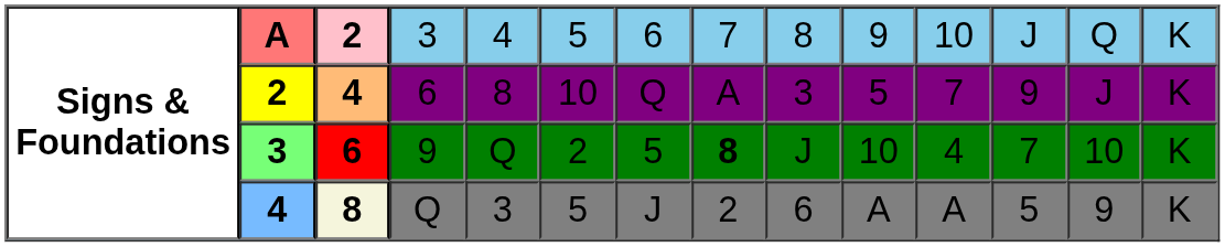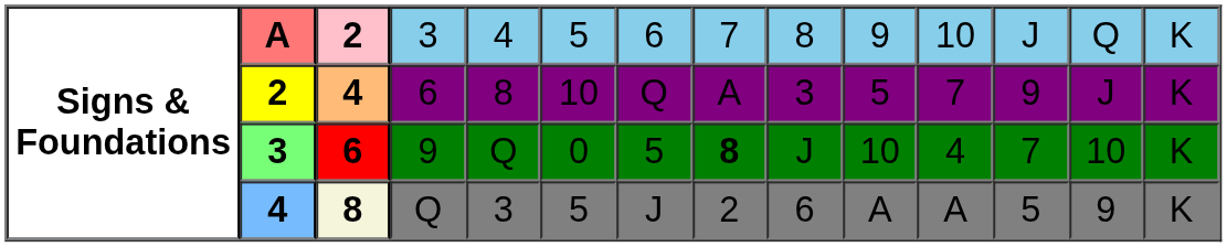 <table cellspacing="0" cellpadding="3" border=1 style="text-align: center">
 <tr bgcolor="#87ceeb">
 <th rowspan="4" bgcolor="#ffffff" style="border-right: 1px solid #000">Signs &<br>Foundations</th>
 <th bgcolor="#ff7777" style="border-right: 1px solid #000; width: 1.6em">A</th>
 <th bgcolor="pink" style="border-right: 1px solid #000; width: 1.6em">2</th>
 <td style="width: 1.6em">3</td>
 <td style="width: 1.6em">4</td>
 <td style="width: 1.6em">5</td>
 <td style="width: 1.6em">6</td>
 <td style="width: 1.6em">7</td>
 <td style="width: 1.6em">8</td>
 <td style="width: 1.6em">9</td>
 <td style="width: 1.6em">10</td>
 <td style="width: 1.6em">J</td>
 <td style="width: 1.6em">Q</td>
 <td style="width: 1.6em">K</td>
 </tr>
 <tr bgcolor="purple">
 <th bgcolor="yellow" style="border-right: 1px solid #000">2</th>
 <th bgcolor="#ffbb77" style="border-right: 1px solid #000">4</th>
 <td><span>6</span></td>
 <td><span>8</span></td>
 <td><span>10</span></td>
 <td><span>Q</span></td>
 <td><span>A</span></td>
 <td><span>3</span></td>
 <td><span>5</span></td>
 <td><span>7</span></td>
 <td><span>9</span></td>
 <td><span>J</span></td>
 <td><span>K</span></td>
 </tr>
 <tr bgcolor="green">
 <th bgcolor="#77ff77" style="border-right: 1px solid #000">3</th>
 <th bgcolor="red" style="border-right: 1px solid #000"><span>6</span></th>
 <td><span>9</span></td>
 <td><span>Q</span></td>
-<td><span>2</span></td>
+<td><span>0</span></td>
 <td><span>5</span></td>
 <td><strong><span>8</span></strong></td>
 <td><span>J</span></td>
 <td><span>10</span></td>
 <td><span>4</span></td>
 <td><span>7</span></td>
 <td><span>10</span></td>
 <td><span>K</span></td>
 </tr>
 <tr bgcolor="gray">
 <th bgcolor="#77bbff" style="border-right: 1px solid #000">4</th>
 <th bgcolor="beige" style="border-right: 1px solid #000">8</th>
 <td><span>Q</span></td>
 <td><span>3</span></td>
 <td><span>5</span></td>
 <td><span>J</span></td>
 <td><span>2</span></td>
 <td><span>6</span></td>
 <td><span>A</span></td>
 <td><span>A</span></td>
 <td><span>5</span></td>
 <td><span>9</span></td>
 <td><span>K</span></td>
 </tr>
 <tr>
 </tr>
 </table>
